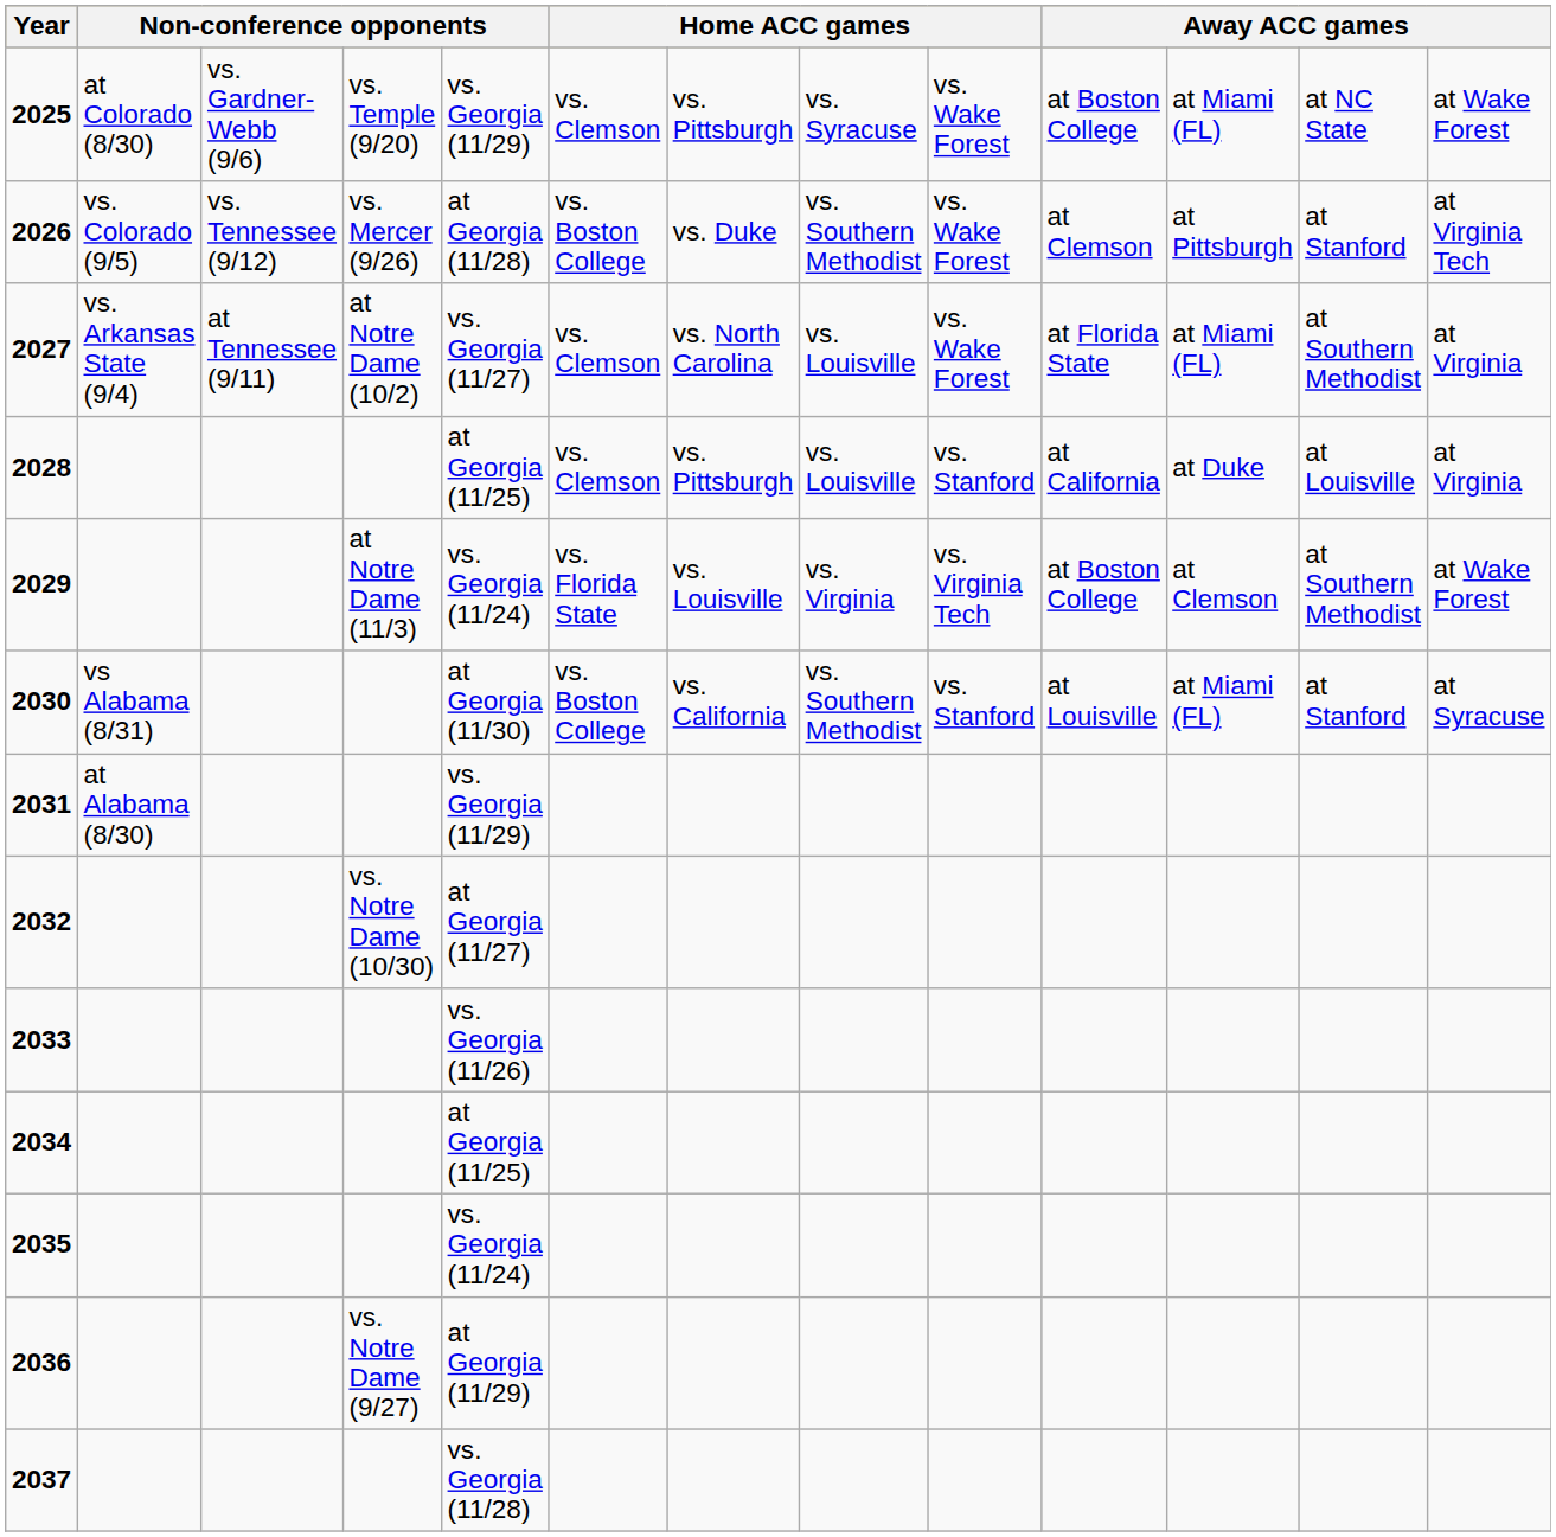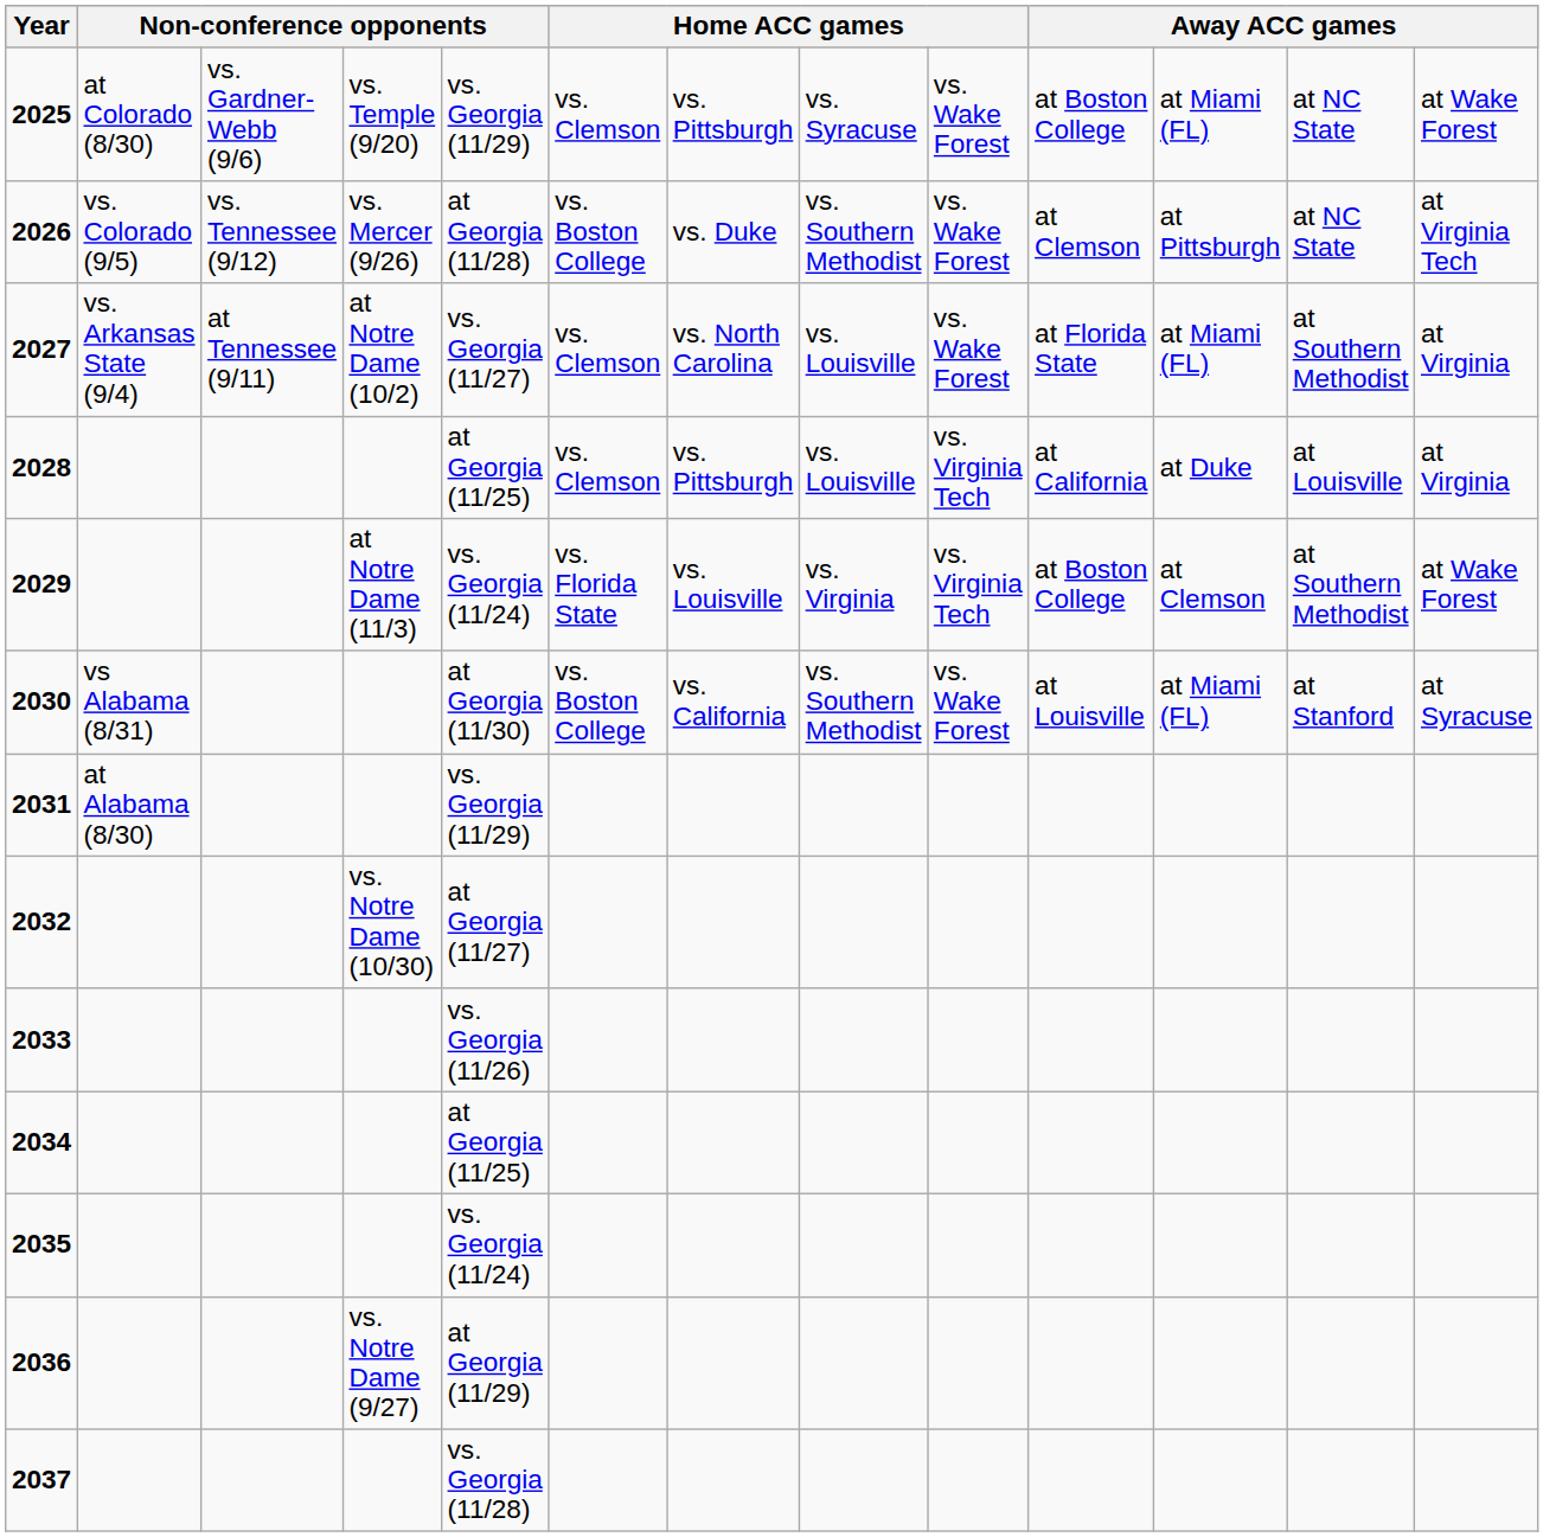 <table class="wikitable" style="font-family:Arial, Helvetica, sans-serif !important;">
 <tr style="background-color:#b3a369;">
 <th>Year</th>
 <th colspan="4">Non-conference opponents</th>
 <th colspan="4">Home ACC games</th>
 <th colspan="4">Away ACC games</th>
 </tr>
 <tr>
 <td><strong>2025</strong></td>
 <td>at <a href='#'>Colorado</a> (8/30)</td>
 <td>vs. <a href='#'>Gardner-Webb</a> (9/6)</td>
 <td>vs. <a href='#'>Temple</a> (9/20)</td>
 <td>vs. <a href='#'>Georgia</a> (11/29)</td>
 <td>vs. <a href='#'>Clemson</a></td>
 <td>vs. <a href='#'>Pittsburgh</a></td>
 <td>vs. <a href='#'>Syracuse</a></td>
 <td>vs. <a href='#'>Wake Forest</a></td>
 <td>at <a href='#'>Boston College</a></td>
 <td>at <a href='#'>Miami (FL)</a></td>
 <td>at <a href='#'>NC State</a></td>
 <td>at <a href='#'>Wake Forest</a></td>
 </tr>
 <tr>
 <td><strong>2026</strong></td>
 <td>vs. <a href='#'>Colorado</a> (9/5)</td>
 <td>vs. <a href='#'>Tennessee</a> (9/12)</td>
 <td>vs. <a href='#'>Mercer</a> (9/26)</td>
 <td>at <a href='#'>Georgia</a> (11/28)</td>
 <td>vs. <a href='#'>Boston College</a></td>
 <td>vs. <a href='#'>Duke</a></td>
 <td>vs. <a href='#'>Southern Methodist</a></td>
 <td>vs. <a href='#'>Wake Forest</a></td>
 <td>at <a href='#'>Clemson</a></td>
 <td>at <a href='#'>Pittsburgh</a></td>
-<td>at <a href='#'>Stanford</a></td>
+<td>at <a href='#'>NC State</a></td>
 <td>at <a href='#'>Virginia Tech</a></td>
 </tr>
 <tr>
 <td><strong>2027</strong></td>
 <td>vs. <a href='#'>Arkansas State</a> (9/4)</td>
 <td>at <a href='#'>Tennessee</a> (9/11)</td>
 <td>at <a href='#'>Notre Dame</a> (10/2)</td>
 <td>vs. <a href='#'>Georgia</a> (11/27)</td>
 <td>vs. <a href='#'>Clemson</a></td>
 <td>vs. <a href='#'>North Carolina</a></td>
 <td>vs. <a href='#'>Louisville</a></td>
 <td>vs. <a href='#'>Wake Forest</a></td>
 <td>at <a href='#'>Florida State</a></td>
 <td>at <a href='#'>Miami (FL)</a></td>
 <td>at <a href='#'>Southern Methodist</a></td>
 <td>at <a href='#'>Virginia</a></td>
 </tr>
 <tr>
 <td><strong>2028</strong></td>
 <td></td>
 <td></td>
 <td></td>
 <td>at <a href='#'>Georgia</a> (11/25)</td>
 <td>vs. <a href='#'>Clemson</a></td>
 <td>vs. <a href='#'>Pittsburgh</a></td>
 <td>vs. <a href='#'>Louisville</a></td>
-<td>vs. <a href='#'>Stanford</a></td>
+<td>vs. <a href='#'>Virginia Tech</a></td>
 <td>at <a href='#'>California</a></td>
 <td>at <a href='#'>Duke</a></td>
 <td>at <a href='#'>Louisville</a></td>
 <td>at <a href='#'>Virginia</a></td>
 </tr>
 <tr>
 <td><strong>2029</strong></td>
 <td></td>
 <td></td>
 <td>at <a href='#'>Notre Dame</a> (11/3)</td>
 <td>vs. <a href='#'>Georgia</a> (11/24)</td>
 <td>vs. <a href='#'>Florida State</a></td>
 <td>vs. <a href='#'>Louisville</a></td>
 <td>vs. <a href='#'>Virginia</a></td>
 <td>vs. <a href='#'>Virginia Tech</a></td>
 <td>at <a href='#'>Boston College</a></td>
 <td>at <a href='#'>Clemson</a></td>
 <td>at <a href='#'>Southern Methodist</a></td>
 <td>at <a href='#'>Wake Forest</a></td>
 </tr>
 <tr>
 <td><strong>2030</strong></td>
 <td>vs <a href='#'>Alabama</a> (8/31)</td>
 <td></td>
 <td></td>
 <td>at <a href='#'>Georgia</a> (11/30)</td>
 <td>vs. <a href='#'>Boston College</a></td>
 <td>vs. <a href='#'>California</a></td>
 <td>vs. <a href='#'>Southern Methodist</a></td>
-<td>vs. <a href='#'>Stanford</a></td>
+<td>vs. <a href='#'>Wake Forest</a></td>
 <td>at <a href='#'>Louisville</a></td>
 <td>at <a href='#'>Miami (FL)</a></td>
 <td>at <a href='#'>Stanford</a></td>
 <td>at <a href='#'>Syracuse</a></td>
 </tr>
 <tr>
 <td><strong>2031</strong></td>
 <td>at <a href='#'>Alabama</a> (8/30)</td>
 <td></td>
 <td></td>
 <td>vs. <a href='#'>Georgia</a> (11/29)</td>
 <td></td>
 <td></td>
 <td></td>
 <td></td>
 <td></td>
 <td></td>
 <td></td>
 <td></td>
 </tr>
 <tr>
 <td><strong>2032</strong></td>
 <td></td>
 <td></td>
 <td>vs. <a href='#'>Notre Dame</a> (10/30)</td>
 <td>at <a href='#'>Georgia</a> (11/27)</td>
 <td></td>
 <td></td>
 <td></td>
 <td></td>
 <td></td>
 <td></td>
 <td></td>
 <td></td>
 </tr>
 <tr>
 <td><strong>2033</strong></td>
 <td></td>
 <td></td>
 <td></td>
 <td>vs. <a href='#'>Georgia</a> (11/26)</td>
 <td></td>
 <td></td>
 <td></td>
 <td></td>
 <td></td>
 <td></td>
 <td></td>
 <td></td>
 </tr>
 <tr>
 <td><strong>2034</strong></td>
 <td></td>
 <td></td>
 <td></td>
 <td>at <a href='#'>Georgia</a> (11/25)</td>
 <td></td>
 <td></td>
 <td></td>
 <td></td>
 <td></td>
 <td></td>
 <td></td>
 <td></td>
 </tr>
 <tr>
 <td><strong>2035</strong></td>
 <td></td>
 <td></td>
 <td></td>
 <td>vs. <a href='#'>Georgia</a> (11/24)</td>
 <td></td>
 <td></td>
 <td></td>
 <td></td>
 <td></td>
 <td></td>
 <td></td>
 <td></td>
 </tr>
 <tr>
 <td><strong>2036</strong></td>
 <td></td>
 <td></td>
 <td>vs. <a href='#'>Notre Dame</a> (9/27)</td>
 <td>at <a href='#'>Georgia</a> (11/29)</td>
 <td></td>
 <td></td>
 <td></td>
 <td></td>
 <td></td>
 <td></td>
 <td></td>
 <td></td>
 </tr>
 <tr>
 <td><strong>2037</strong></td>
 <td></td>
 <td></td>
 <td></td>
 <td>vs. <a href='#'>Georgia</a> (11/28)</td>
 <td></td>
 <td></td>
 <td></td>
 <td></td>
 <td></td>
 <td></td>
 <td></td>
 <td></td>
 </tr>
 </table>
